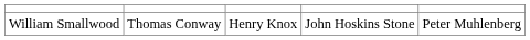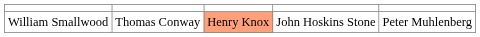 <table cellpadding="4" cellspacing="2" border="1" style="border-collapse:collapse;">
 <tr>
 <td></td>
 <td></td>
 <td></td>
 <td></td>
 <td></td>
 </tr>
 <tr>
 <td>William Smallwood</td>
 <td>Thomas Conway</td>
-<td>Henry Knox</td>
+<td style="background: lightsalmon;">Henry Knox</td>
 <td>John Hoskins Stone</td>
 <td>Peter Muhlenberg</td>
 </tr>
 </table>
